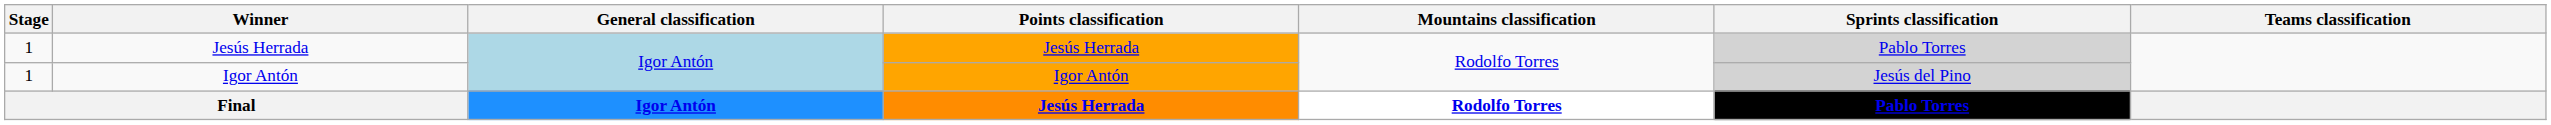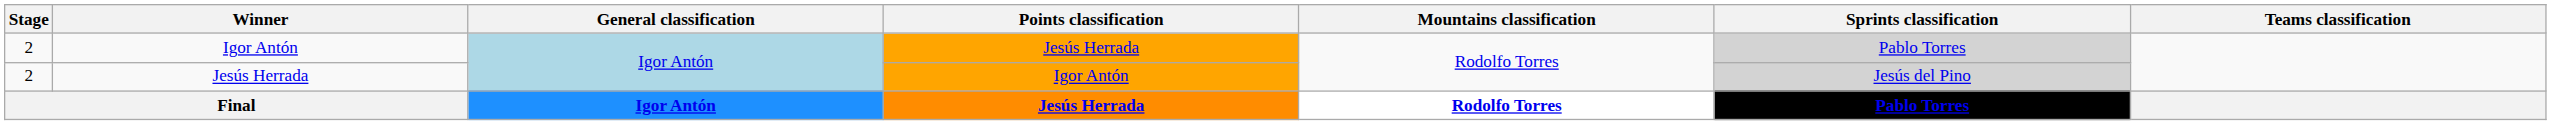 <table class=wikitable style="text-align: center; font-size:smaller;">
 <tr>
 <th style="width:1%;">Stage</th>
 <th style="width:16.5%;">Winner</th>
 <th style="width:16.5%;">General classification<br></th>
 <th style="width:16.5%;">Points classification<br></th>
 <th style="width:16.5%;">Mountains classification<br></th>
 <th style="width:16.5%;">Sprints classification<br></th>
 <th style="width:16.5%;">Teams classification</th>
 </tr>
 <tr>
-<td>1</td>
-<td><a href='#'>Jesús Herrada</a></td>
+<td>2</td>
+<td><a href='#'>Igor Antón</a></td>
 <td style="background:lightblue;" rowspan=2><a href='#'>Igor Antón</a></td>
 <td style="background:orange;"><a href='#'>Jesús Herrada</a></td>
 <td style="background:offwhite" rowspan=2><a href='#'>Rodolfo Torres</a></td>
 <td style="background:lightgrey;"><a href='#'>Pablo Torres</a></td>
 <td rowspan=2></td>
 </tr>
 <tr>
-<td>1</td>
-<td><a href='#'>Igor Antón</a></td>
+<td>2</td>
+<td><a href='#'>Jesús Herrada</a></td>
 <td style="background:orange;"><a href='#'>Igor Antón</a></td>
 <td style="background:lightgrey;"><a href='#'>Jesús del Pino</a></td>
 </tr>
 <tr>
 <th colspan=2>Final</th>
 <th style="background:dodgerblue;"><a href='#'>Igor Antón</a></th>
 <th style="background:darkorange;"><a href='#'>Jesús Herrada</a></th>
 <th style="background:white;"><a href='#'>Rodolfo Torres</a></th>
 <th style="background:black;"><a href='#'>Pablo Torres</a></th>
 <th></th>
 </tr>
 </table>
